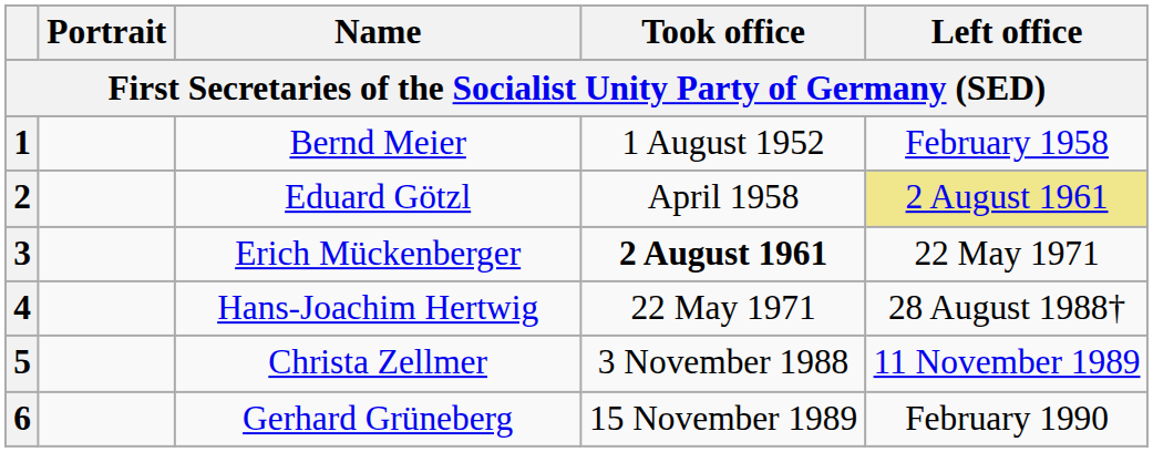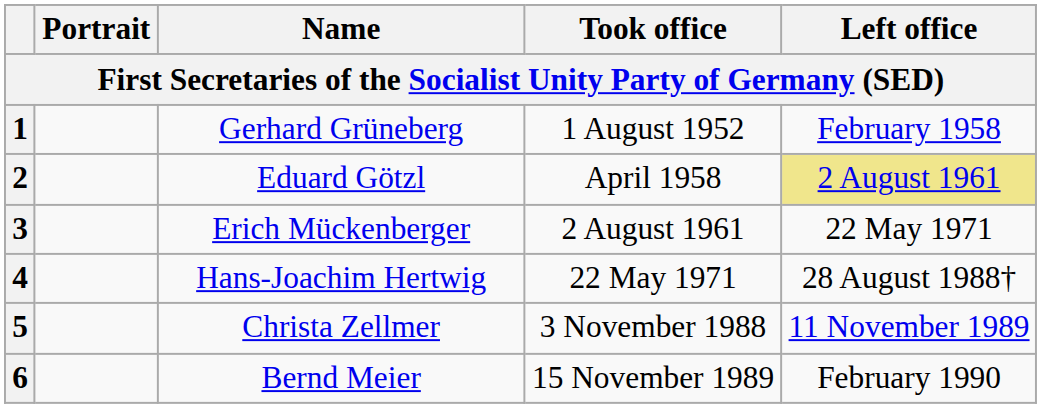 <table class="wikitable" style="text-align:center">
 <tr>
 <th></th>
 <th>Portrait</th>
 <th width=180>Name<br></th>
 <th>Took office</th>
 <th>Left office</th>
 </tr>
 <tr>
 <th colspan=5>First Secretaries of the <a href='#'>Socialist Unity Party of Germany</a> (SED)</th>
 </tr>
 <tr>
 <th style="background:">1</th>
 <td></td>
-<td><a href='#'>Bernd Meier</a><br></td>
+<td><a href='#'>Gerhard Grüneberg</a><br></td>
 <td>1 August 1952</td>
 <td><a href='#'>February 1958<br></a></td>
 </tr>
 <tr>
 <th style="background:">2</th>
 <td></td>
 <td><a href='#'>Eduard Götzl</a><br></td>
 <td>April 1958</td>
 <td style="background: khaki;"><a href='#'>2 August 1961<br></a></td>
 </tr>
 <tr>
 <th style="background:">3</th>
 <td></td>
 <td><a href='#'>Erich Mückenberger</a><br></td>
-<td><strong>2 August 1961</strong></td>
+<td>2 August 1961</td>
 <td>22 May 1971<br></td>
 </tr>
 <tr>
 <th style="background:">4</th>
 <td></td>
 <td><a href='#'>Hans-Joachim Hertwig</a><br></td>
 <td>22 May 1971</td>
 <td>28 August 1988†</td>
 </tr>
 <tr>
 <th style="background:">5</th>
 <td></td>
 <td><a href='#'>Christa Zellmer</a><br></td>
 <td>3 November 1988</td>
 <td><a href='#'>11 November 1989<br></a></td>
 </tr>
 <tr>
 <th style="background:">6</th>
 <td></td>
-<td><a href='#'>Gerhard Grüneberg</a><br></td>
+<td><a href='#'>Bernd Meier</a><br></td>
 <td>15 November 1989</td>
 <td>February 1990</td>
 </tr>
 </table>
